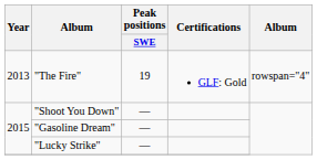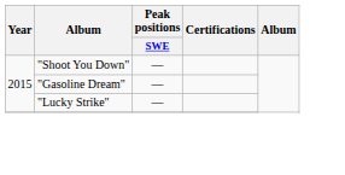 <table class="wikitable">
 <tr>
 <th align="center" rowspan="2">Year</th>
 <th align="center" rowspan="2">Album</th>
 <th align="center" colspan="1">Peak positions</th>
 <th align="center" rowspan="2">Certifications</th>
 <th align="center" rowspan="2">Album</th>
 </tr>
 <tr>
 <th scope="col" style="width:3em;font-size:90%;"><a href='#'>SWE</a><br></th>
-</tr>
-<tr>
-<td>2013</td>
-<td>"The Fire"</td>
-<td style="text-align:center;">19</td>
-<td><br><ul><li><a href='#'>GLF</a>: Gold</li></ul></td>
-<td>rowspan="4" </td>
 </tr>
 <tr>
 <td rowspan="3">2015</td>
 <td>"Shoot You Down"</td>
 <td style="text-align:center;">—</td>
 <td></td>
 </tr>
 <tr>
 <td>"Gasoline Dream"</td>
 <td style="text-align:center;">—</td>
 <td></td>
 </tr>
 <tr>
 <td>"Lucky Strike"</td>
 <td style="text-align:center;">—</td>
 <td></td>
 </tr>
 <tr>
 </tr>
 </table>
